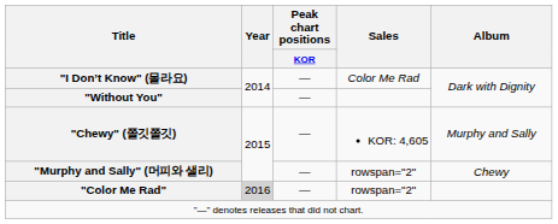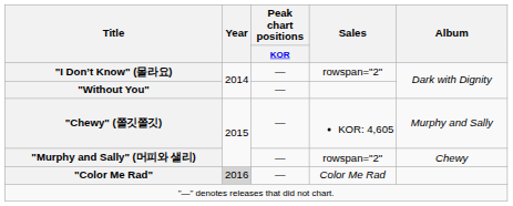 <table class="wikitable plainrowheaders" style="text-align:center;" border="1">
 <tr>
 <th scope="col" rowspan="2" style="width:20em;">Title</th>
 <th scope="col" rowspan="2">Year</th>
 <th scope="col" colspan="1" style="width:5em;">Peak chart positions</th>
 <th scope="col" rowspan="2">Sales</th>
 <th scope="col" rowspan="2" style="width:10em;">Album</th>
 </tr>
 <tr>
 <th><small><a href='#'>KOR</a></small><br></th>
 </tr>
 <tr>
 <th scope="row">"I Don’t Know" (몰라요)</th>
 <td rowspan="2">2014</td>
 <td>—</td>
-<td><em>Color Me Rad</em></td>
+<td>rowspan="2" </td>
 <td rowspan="2"><em>Dark with Dignity</em></td>
 </tr>
 <tr>
 <th scope="row">"Without You"</th>
 <td>—</td>
 </tr>
 <tr>
 <th scope="row">"Chewy" (쫄깃쫄깃)</th>
 <td rowspan="2">2015</td>
 <td>—</td>
 <td><br><ul><li>KOR: 4,605</li></ul></td>
 <td><em>Murphy and Sally</em></td>
 </tr>
 <tr>
 <th scope="row">"Murphy and Sally" (머피와 샐리)</th>
 <td>—</td>
 <td>rowspan="2" </td>
 <td><em>Chewy</em></td>
 </tr>
 <tr>
 <th scope="row">"Color Me Rad"</th>
 <td style="background: lightgrey;">2016</td>
 <td>—</td>
-<td>rowspan="2" </td>
+<td><em>Color Me Rad</em></td>
 </tr>
 <tr>
 <td colspan="5" align="center"><small>"—" denotes releases that did not chart.</small></td>
 </tr>
 </table>
